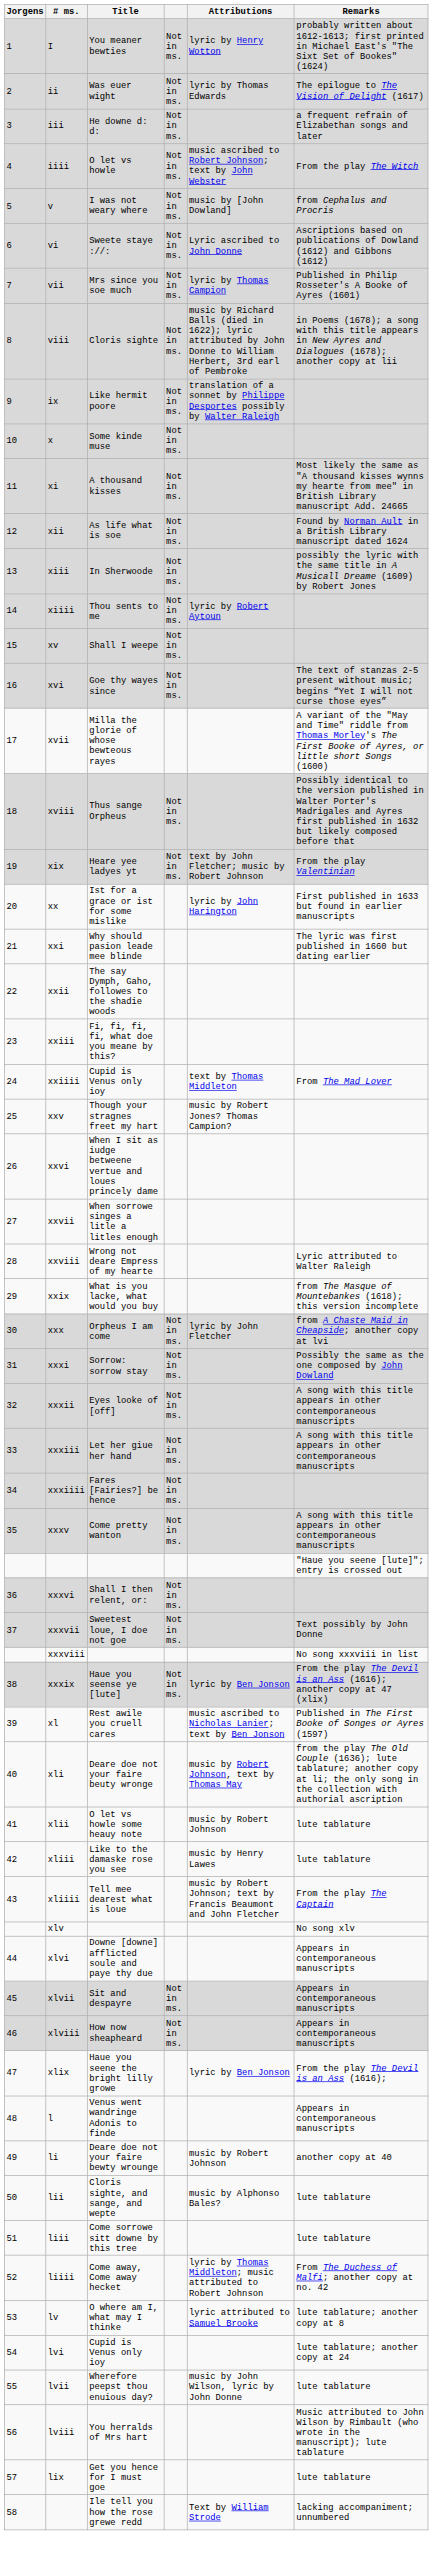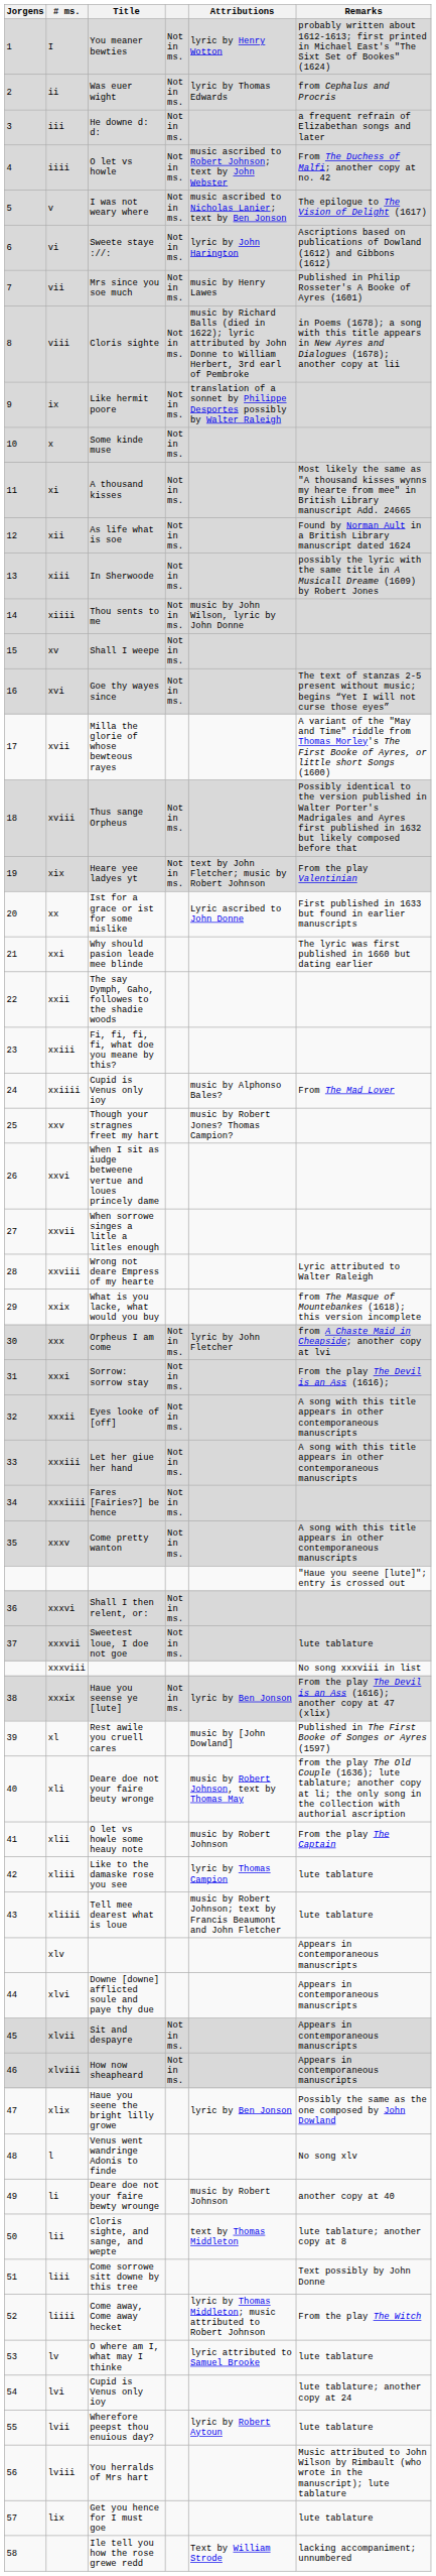 <table class="wikitable" style="width:100%;">
 <tr>
 <th>Jorgens</th>
 <th># ms.</th>
 <th>Title</th>
 <th></th>
 <th>Attributions</th>
 <th>Remarks</th>
 </tr>
 <tr style="background: #D9D9D9">
 <td>1</td>
 <td>I</td>
 <td>You meaner bewties</td>
 <td>Not in ms.</td>
 <td>lyric by <a href='#'>Henry Wotton</a></td>
 <td>probably written about 1612-1613; first printed in Michael East's "The Sixt Set of Bookes" (1624)</td>
 </tr>
 <tr style="background: #D9D9D9">
 <td>2</td>
 <td>ii</td>
 <td>Was euer wight</td>
 <td>Not in ms.</td>
 <td>lyric by Thomas Edwards</td>
-<td>The epilogue to <em><a href='#'>The Vision of Delight</a></em> (1617)</td>
+<td>from <em>Cephalus and Procris</em></td>
 </tr>
 <tr style="background: #D9D9D9">
 <td>3</td>
 <td>iii</td>
 <td>He downe d: d:</td>
 <td>Not in ms.</td>
 <td></td>
 <td>a frequent refrain of Elizabethan songs and later</td>
 </tr>
 <tr style="background: #D9D9D9">
 <td>4</td>
 <td>iiii</td>
 <td>O let vs howle</td>
 <td>Not in ms.</td>
 <td>music ascribed to <a href='#'>Robert Johnson</a>; text by <a href='#'>John Webster</a></td>
-<td>From the play <em><a href='#'>The Witch</a></em></td>
+<td>From  <em><a href='#'>The Duchess of Malfi</a></em>; another copy at no. 42 </td>
 </tr>
 <tr style="background: #D9D9D9">
 <td>5</td>
 <td>v</td>
 <td>I was not weary where</td>
 <td>Not in ms.</td>
-<td>music by [John Dowland]</td>
-<td>from <em>Cephalus and Procris</em></td>
+<td>music ascribed to <a href='#'>Nicholas Lanier</a>; text by <a href='#'>Ben Jonson</a></td>
+<td>The epilogue to <em><a href='#'>The Vision of Delight</a></em> (1617)</td>
 </tr>
 <tr style="background: #D9D9D9">
 <td>6</td>
 <td>vi</td>
 <td>Sweete staye ://:</td>
 <td>Not in ms.</td>
-<td>Lyric ascribed to <a href='#'>John Donne</a></td>
+<td>lyric by <a href='#'>John Harington</a></td>
 <td>Ascriptions based on publications of Dowland (1612) and Gibbons (1612)</td>
 </tr>
 <tr style="background: #D9D9D9">
 <td>7</td>
 <td>vii</td>
 <td>Mrs since you soe much</td>
 <td>Not in ms.</td>
-<td>lyric by <a href='#'>Thomas Campion</a></td>
+<td>music by  Henry Lawes</td>
 <td>Published in Philip Rosseter's A Booke of Ayres (1601)</td>
 </tr>
 <tr style="background: #D9D9D9">
 <td>8</td>
 <td>viii</td>
 <td>Cloris sighte</td>
 <td>Not in ms.</td>
 <td>music by Richard Balls (died in 1622); lyric attributed by John Donne to William Herbert, 3rd earl of Pembroke</td>
 <td>in Poems (1678); a song with this title appears in <em>New Ayres and Dialogues</em> (1678); another copy at lii</td>
 </tr>
 <tr style="background: #D9D9D9">
 <td>9</td>
 <td>ix</td>
 <td>Like hermit poore</td>
 <td>Not in ms.</td>
 <td>translation of a sonnet by <a href='#'>Philippe Desportes</a> possibly by <a href='#'>Walter Raleigh</a></td>
 <td></td>
 </tr>
 <tr style="background: #D9D9D9">
 <td>10</td>
 <td>x</td>
 <td>Some kinde muse</td>
 <td>Not in ms.</td>
 <td></td>
 <td></td>
 </tr>
 <tr style="background: #D9D9D9">
 <td>11</td>
 <td>xi</td>
 <td>A thousand kisses</td>
 <td>Not in ms.</td>
 <td></td>
 <td>Most likely the same as "A thousand kisses wynns my hearte from mee" in British Library manuscript Add. 24665</td>
 </tr>
 <tr style="background: #D9D9D9">
 <td>12</td>
 <td>xii</td>
 <td>As life what is soe</td>
 <td>Not in ms.</td>
 <td></td>
 <td>Found by <a href='#'>Norman Ault</a> in a British Library manuscript dated 1624</td>
 </tr>
 <tr style="background: #D9D9D9">
 <td>13</td>
 <td>xiii</td>
 <td>In Sherwoode</td>
 <td>Not in ms.</td>
 <td></td>
 <td>possibly the lyric with the same title in <em>A Musicall Dreame</em> (1609) by Robert Jones</td>
 </tr>
 <tr style="background: #D9D9D9">
 <td>14</td>
 <td>xiiii</td>
 <td>Thou sents to me</td>
 <td>Not in ms.</td>
-<td>lyric by <a href='#'>Robert Aytoun</a></td>
+<td>music by John Wilson, lyric by John Donne</td>
 <td></td>
 </tr>
 <tr style="background: #D9D9D9">
 <td>15</td>
 <td>xv</td>
 <td>Shall I weepe</td>
 <td>Not in ms.</td>
 <td></td>
 <td></td>
 </tr>
 <tr style="background: #D9D9D9">
 <td>16</td>
 <td>xvi</td>
 <td>Goe thy wayes since</td>
 <td>Not in ms.</td>
 <td></td>
 <td>The text of stanzas 2-5 present without music; begins “Yet I will not curse those eyes”</td>
 </tr>
 <tr>
 <td>17</td>
 <td>xvii</td>
 <td>Milla the glorie of whose bewteous rayes</td>
 <td></td>
 <td></td>
 <td>A variant of the "May and Time" riddle from <a href='#'>Thomas Morley</a>'s <em>The First Booke of Ayres, or little short Songs</em> (1600)</td>
 </tr>
 <tr style="background: #D9D9D9">
 <td>18</td>
 <td>xviii</td>
 <td>Thus sange Orpheus</td>
 <td>Not in ms.</td>
 <td></td>
 <td>Possibly identical to the version published in Walter Porter's Madrigales and Ayres first published in 1632 but likely composed before that</td>
 </tr>
 <tr style="background: #D9D9D9">
 <td>19</td>
 <td>xix</td>
 <td>Heare yee ladyes yt</td>
 <td>Not in ms.</td>
 <td>text by John Fletcher; music by Robert Johnson</td>
 <td>From the play <em><a href='#'>Valentinian</a></em></td>
 </tr>
 <tr>
 <td>20</td>
 <td>xx</td>
 <td>Ist for a grace or ist for some mislike</td>
 <td></td>
-<td>lyric by <a href='#'>John Harington</a></td>
+<td>Lyric ascribed to <a href='#'>John Donne</a></td>
 <td>First published in 1633 but found in earlier manuscripts</td>
 </tr>
 <tr>
 <td>21</td>
 <td>xxi</td>
 <td>Why should pasion leade mee blinde</td>
 <td></td>
 <td></td>
 <td>The lyric was first published in 1660 but dating earlier</td>
 </tr>
 <tr>
 <td>22</td>
 <td>xxii</td>
 <td>The say Dymph, Gaho, followes to the shadie woods</td>
 <td></td>
 <td></td>
 <td></td>
 </tr>
 <tr>
 <td>23</td>
 <td>xxiii</td>
 <td>Fi, fi, fi, fi, what doe you meane by this?</td>
 <td></td>
 <td></td>
 <td></td>
 </tr>
 <tr>
 <td>24</td>
 <td>xxiiii</td>
 <td>Cupid is Venus only ioy</td>
 <td></td>
-<td>text by <a href='#'>Thomas Middleton</a></td>
+<td>music by Alphonso Bales?</td>
 <td>From <em><a href='#'>The Mad Lover</a></em></td>
 </tr>
 <tr>
 <td>25</td>
 <td>xxv</td>
 <td>Though your stragnes freet my hart</td>
 <td></td>
 <td>music by Robert Jones? Thomas Campion?</td>
 <td></td>
 </tr>
 <tr>
 <td>26</td>
 <td>xxvi</td>
 <td>When I sit as iudge betweene vertue and loues princely dame</td>
 <td></td>
 <td></td>
 <td></td>
 </tr>
 <tr>
 <td>27</td>
 <td>xxvii</td>
 <td>When sorrowe singes a litle a litles enough</td>
 <td></td>
 <td></td>
 <td></td>
 </tr>
 <tr>
 <td>28</td>
 <td>xxviii</td>
 <td>Wrong not deare Empress of my hearte</td>
 <td></td>
 <td></td>
 <td>Lyric attributed to Walter Raleigh</td>
 </tr>
 <tr>
 <td>29</td>
 <td>xxix</td>
 <td>What is you lacke, what would you buy</td>
 <td></td>
 <td></td>
 <td>from <em>The Masque of Mountebankes</em> (1618); this version incomplete</td>
 </tr>
 <tr style="background: #D9D9D9">
 <td>30</td>
 <td>xxx</td>
 <td>Orpheus I am come</td>
 <td>Not in ms.</td>
 <td>lyric by John Fletcher</td>
 <td>from <em><a href='#'>A Chaste Maid in Cheapside</a></em>; another copy at lvi</td>
 </tr>
 <tr style="background: #D9D9D9">
 <td>31</td>
 <td>xxxi</td>
 <td>Sorrow: sorrow stay</td>
 <td>Not in ms.</td>
 <td></td>
-<td>Possibly the same as the one composed by <a href='#'>John Dowland</a></td>
+<td>From the play <em><a href='#'>The Devil is an Ass</a></em> (1616);</td>
 </tr>
 <tr style="background: #D9D9D9">
 <td>32</td>
 <td>xxxii</td>
 <td>Eyes looke of [off]</td>
 <td>Not in ms.</td>
 <td></td>
 <td>A song with this title appears in other contemporaneous manuscripts</td>
 </tr>
 <tr style="background: #D9D9D9">
 <td>33</td>
 <td>xxxiii</td>
 <td>Let her giue her hand</td>
 <td>Not in ms.</td>
 <td></td>
 <td>A song with this title appears in other contemporaneous manuscripts</td>
 </tr>
 <tr style="background: #D9D9D9">
 <td>34</td>
 <td>xxxiiii</td>
 <td>Fares  [Fairies?] be hence</td>
 <td>Not in ms.</td>
 <td></td>
 <td></td>
 </tr>
 <tr style="background: #D9D9D9">
 <td>35</td>
 <td>xxxv</td>
 <td>Come pretty wanton</td>
 <td>Not in ms.</td>
 <td></td>
 <td>A song with this title appears in other contemporaneous manuscripts</td>
 </tr>
 <tr>
 <td></td>
 <td></td>
 <td></td>
 <td></td>
 <td></td>
 <td>"Haue you seene [lute]"; entry is crossed out</td>
 </tr>
 <tr style="background: #D9D9D9">
 <td>36</td>
 <td>xxxvi</td>
 <td>Shall I then relent, or:</td>
 <td>Not in ms.</td>
 <td></td>
 <td></td>
 </tr>
 <tr style="background: #D9D9D9">
 <td>37</td>
 <td>xxxvii</td>
 <td>Sweetest loue, I doe not goe</td>
 <td>Not in ms.</td>
 <td></td>
-<td>Text possibly by John Donne</td>
+<td>lute tablature</td>
 </tr>
 <tr>
 <td></td>
 <td>xxxviii</td>
 <td></td>
 <td></td>
 <td></td>
 <td>No song xxxviii in list</td>
 </tr>
 <tr style="background: #D9D9D9">
 <td>38</td>
 <td>xxxix</td>
 <td>Haue you seense ye [lute]</td>
 <td>Not in ms.</td>
 <td>lyric by <a href='#'>Ben Jonson</a></td>
 <td>From the play <em><a href='#'>The Devil is an Ass</a></em> (1616); another copy at 47 (xlix)</td>
 </tr>
 <tr>
 <td>39</td>
 <td>xl</td>
 <td>Rest awile you cruell cares</td>
 <td></td>
-<td>music ascribed to <a href='#'>Nicholas Lanier</a>; text by <a href='#'>Ben Jonson</a></td>
+<td>music by [John Dowland]</td>
 <td>Published in <em>The First Booke of Songes or Ayres</em> (1597)</td>
 </tr>
 <tr>
 <td>40</td>
 <td>xli</td>
 <td>Deare doe not your faire beuty wronge</td>
 <td></td>
 <td>music by <a href='#'>Robert Johnson</a>, text by <a href='#'>Thomas May</a></td>
 <td>from the play <em>The Old Couple</em> (1636);  lute tablature; another copy at li; the only song in the collection with authorial ascription</td>
 </tr>
 <tr>
 <td>41</td>
 <td>xlii</td>
 <td>O let vs howle some heauy note</td>
 <td></td>
 <td>music by Robert Johnson</td>
-<td>lute tablature</td>
+<td>From the play <em><a href='#'>The Captain</a></em></td>
 </tr>
 <tr>
 <td>42</td>
 <td>xliii</td>
 <td>Like to the damaske rose you see</td>
 <td></td>
-<td>music by  Henry Lawes</td>
+<td>lyric by <a href='#'>Thomas Campion</a></td>
 <td>lute tablature</td>
 </tr>
 <tr>
 <td>43</td>
 <td>xliiii</td>
 <td>Tell mee dearest what is loue</td>
 <td></td>
 <td>music by Robert Johnson; text by Francis Beaumont and John Fletcher</td>
-<td>From the play <em><a href='#'>The Captain</a></em></td>
+<td>lute tablature</td>
 </tr>
 <tr>
 <td></td>
 <td>xlv</td>
 <td></td>
 <td></td>
 <td></td>
-<td>No song xlv</td>
+<td>Appears in contemporaneous manuscripts</td>
 </tr>
 <tr>
 <td>44</td>
 <td>xlvi</td>
 <td>Downe [downe] afflicted soule and paye thy due</td>
 <td></td>
 <td></td>
 <td>Appears in contemporaneous manuscripts</td>
 </tr>
 <tr style="background: #D9D9D9">
 <td>45</td>
 <td>xlvii</td>
 <td>Sit and despayre</td>
 <td>Not in ms.</td>
 <td></td>
 <td>Appears in contemporaneous manuscripts</td>
 </tr>
 <tr style="background: #D9D9D9">
 <td>46</td>
 <td>xlviii</td>
 <td>How now sheapheard</td>
 <td>Not in ms.</td>
 <td></td>
 <td>Appears in contemporaneous manuscripts</td>
 </tr>
 <tr>
 <td>47</td>
 <td>xlix</td>
 <td>Haue you seene the bright lilly growe</td>
 <td></td>
 <td>lyric by  <a href='#'>Ben Jonson</a></td>
-<td>From the play <em><a href='#'>The Devil is an Ass</a></em> (1616);</td>
+<td>Possibly the same as the one composed by <a href='#'>John Dowland</a></td>
 </tr>
 <tr>
 <td>48</td>
 <td>l</td>
 <td>Venus went wandringe Adonis to finde</td>
 <td></td>
 <td></td>
-<td>Appears in contemporaneous manuscripts</td>
+<td>No song xlv</td>
 </tr>
 <tr>
 <td>49</td>
 <td>li</td>
 <td>Deare doe not your faire bewty wrounge</td>
 <td></td>
 <td>music by Robert Johnson</td>
 <td>another copy at 40</td>
 </tr>
 <tr>
 <td>50</td>
 <td>lii</td>
 <td>Cloris sighte, and sange, and wepte</td>
 <td></td>
-<td>music by Alphonso Bales?</td>
-<td>lute tablature</td>
+<td>text by <a href='#'>Thomas Middleton</a></td>
+<td>lute tablature; another copy at 8</td>
 </tr>
 <tr>
 <td>51</td>
 <td>liii</td>
 <td>Come sorrowe sitt downe by this tree</td>
 <td></td>
 <td></td>
-<td>lute tablature</td>
+<td>Text possibly by John Donne</td>
 </tr>
 <tr>
 <td>52</td>
 <td>liiii</td>
 <td>Come away, Come away hecket</td>
 <td></td>
 <td>lyric by <a href='#'>Thomas Middleton</a>; music attributed to Robert Johnson</td>
-<td>From  <em><a href='#'>The Duchess of Malfi</a></em>; another copy at no. 42 </td>
+<td>From the play <em><a href='#'>The Witch</a></em></td>
 </tr>
 <tr>
 <td>53</td>
 <td>lv</td>
 <td>O where am I, what may I thinke</td>
 <td></td>
 <td>lyric attributed to <a href='#'>Samuel Brooke</a></td>
-<td>lute tablature; another copy at 8</td>
+<td>lute tablature</td>
 </tr>
 <tr>
 <td>54</td>
 <td>lvi</td>
 <td>Cupid is Venus only ioy</td>
 <td></td>
 <td></td>
 <td>lute tablature; another copy at 24</td>
 </tr>
 <tr>
 <td>55</td>
 <td>lvii</td>
 <td>Wherefore peepst thou enuious day?</td>
 <td></td>
-<td>music by John Wilson, lyric by John Donne</td>
+<td>lyric by <a href='#'>Robert Aytoun</a></td>
 <td>lute tablature</td>
 </tr>
 <tr>
 <td>56</td>
 <td>lviii</td>
 <td>You herralds of Mrs hart</td>
 <td></td>
 <td></td>
 <td>Music attributed to John Wilson by Rimbault (who wrote in the manuscript); lute tablature</td>
 </tr>
 <tr>
 <td>57</td>
 <td>lix</td>
 <td>Get you hence for I must goe</td>
 <td></td>
 <td></td>
 <td>lute tablature</td>
 </tr>
 <tr>
 <td>58</td>
 <td></td>
 <td>Ile tell you how the rose grewe redd</td>
 <td></td>
 <td>Text by <a href='#'>William Strode</a></td>
 <td>lacking accompaniment; unnumbered</td>
 </tr>
 </table>
